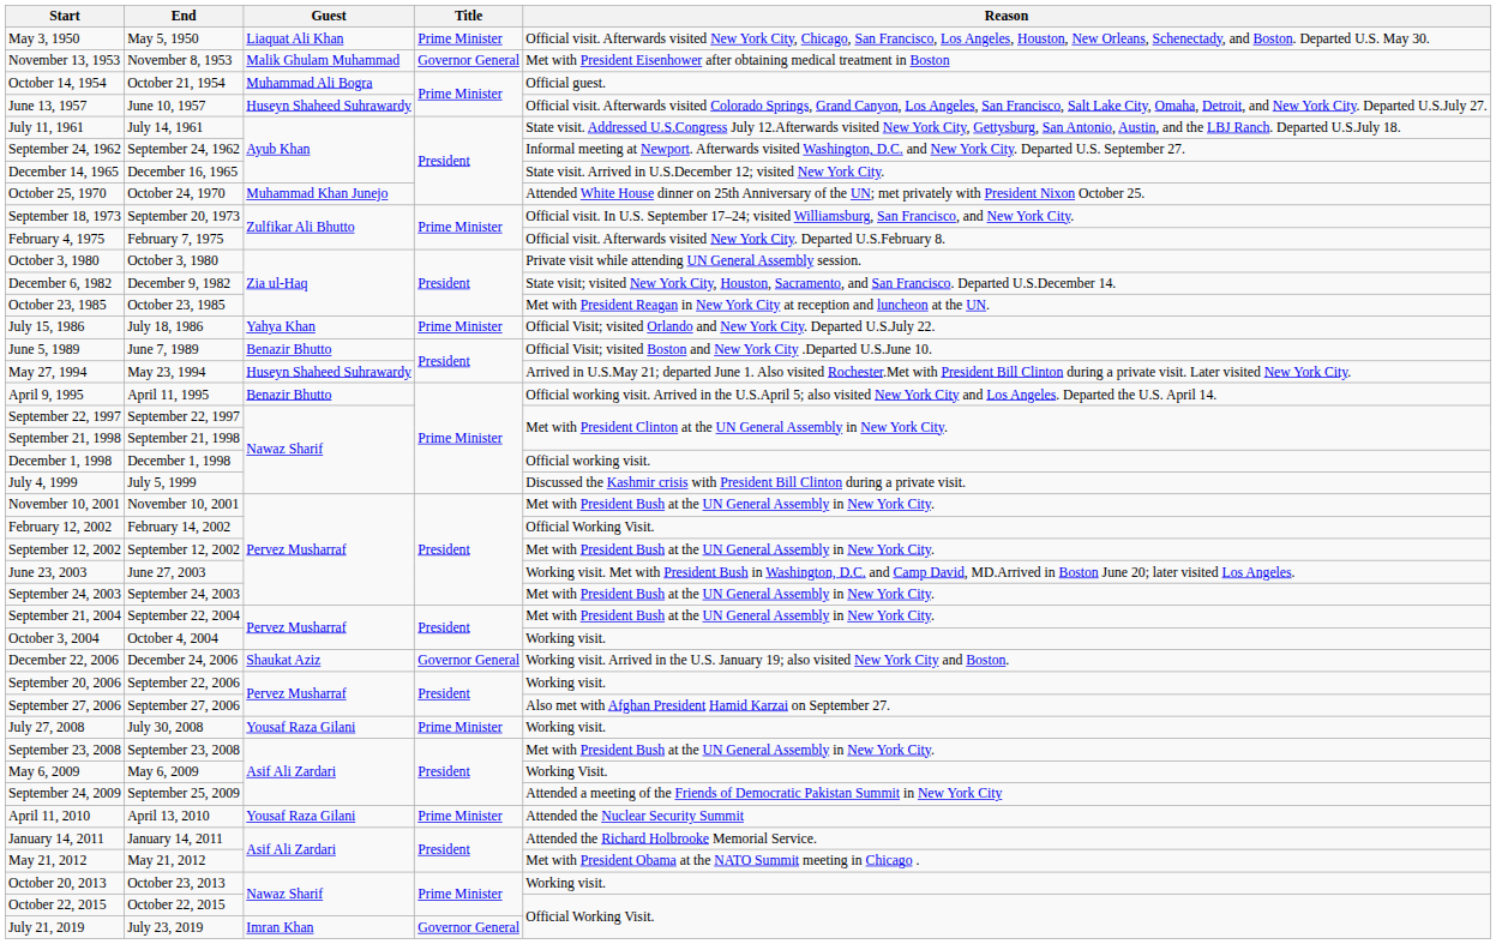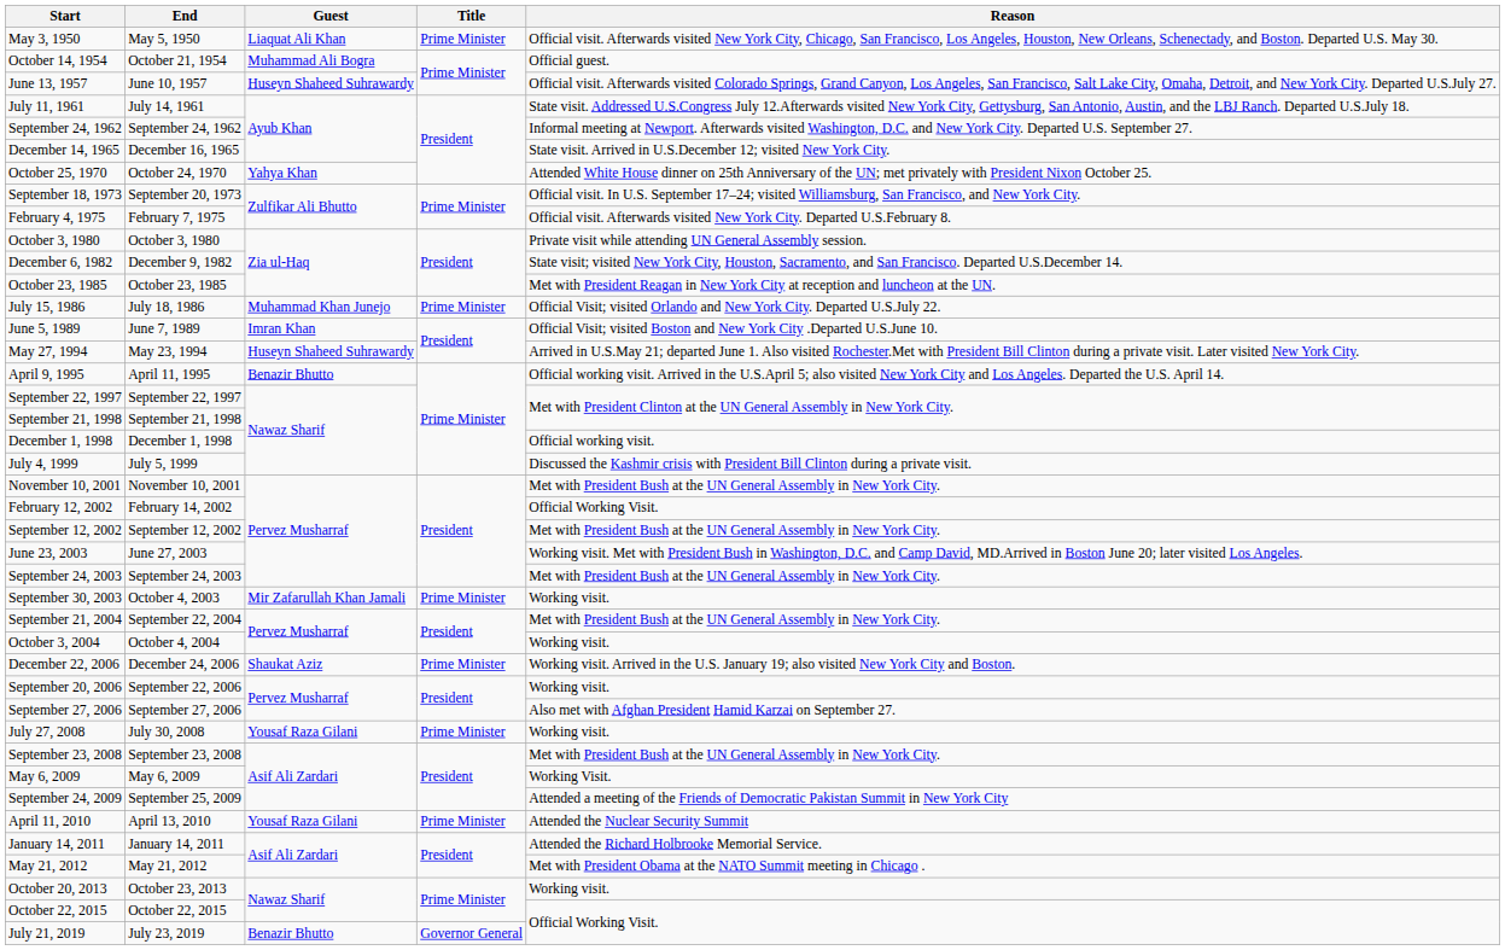 <table class="wikitable sortable">
 <tr>
 <th>Start</th>
 <th>End</th>
 <th>Guest</th>
 <th>Title</th>
 <th>Reason</th>
 </tr>
 <tr>
 <td>May 3, 1950</td>
 <td>May 5, 1950</td>
 <td><a href='#'>Liaquat Ali Khan</a></td>
 <td><a href='#'>Prime Minister</a></td>
 <td> Official visit. Afterwards visited <a href='#'>New York City</a>, <a href='#'>Chicago</a>, <a href='#'>San Francisco</a>, <a href='#'>Los Angeles</a>, <a href='#'>Houston</a>, <a href='#'>New Orleans</a>, <a href='#'>Schenectady</a>, and <a href='#'>Boston</a>. Departed U.S. May 30.</td>
-</tr>
-<tr>
-<td>November 13, 1953</td>
-<td>November 8, 1953</td>
-<td><a href='#'>Malik Ghulam Muhammad</a></td>
-<td><a href='#'>Governor General</a></td>
-<td>Met with <a href='#'>President Eisenhower</a> after obtaining medical treatment in <a href='#'>Boston</a></td>
 </tr>
 <tr>
 <td>October 14, 1954</td>
 <td>October 21, 1954</td>
 <td><a href='#'>Muhammad Ali Bogra</a></td>
 <td rowspan=2><a href='#'>Prime Minister</a></td>
 <td>Official guest.</td>
 </tr>
 <tr>
 <td>June 13, 1957</td>
 <td>June 10, 1957</td>
 <td><a href='#'>Huseyn Shaheed Suhrawardy</a></td>
 <td>Official visit. Afterwards visited <a href='#'>Colorado Springs</a>, <a href='#'>Grand Canyon</a>, <a href='#'>Los Angeles</a>, <a href='#'>San Francisco</a>, <a href='#'>Salt Lake City</a>, <a href='#'>Omaha</a>, <a href='#'>Detroit</a>, and <a href='#'>New York City</a>. Departed U.S.July 27.</td>
 </tr>
 <tr>
 <td>July 11, 1961</td>
 <td>July 14, 1961</td>
 <td rowspan=3><a href='#'>Ayub Khan</a></td>
 <td rowspan=4><a href='#'>President</a></td>
 <td>State visit. <a href='#'>Addressed U.S.Congress</a> July 12.Afterwards visited <a href='#'>New York City</a>, <a href='#'>Gettysburg</a>, <a href='#'>San Antonio</a>, <a href='#'>Austin</a>, and the <a href='#'>LBJ Ranch</a>. Departed U.S.July 18.</td>
 </tr>
 <tr>
 <td>September 24, 1962</td>
 <td>September 24, 1962</td>
 <td>Informal meeting at <a href='#'>Newport</a>. Afterwards visited <a href='#'>Washington, D.C.</a> and <a href='#'>New York City</a>. Departed U.S. September 27.</td>
 </tr>
 <tr>
 <td>December 14, 1965</td>
 <td>December 16, 1965</td>
 <td>State visit. Arrived in U.S.December 12; visited <a href='#'>New York City</a>.</td>
 </tr>
 <tr>
 <td>October 25, 1970</td>
 <td>October 24, 1970</td>
-<td><a href='#'>Muhammad Khan Junejo</a></td>
+<td><a href='#'>Yahya Khan</a></td>
 <td>Attended <a href='#'>White House</a> dinner on 25th Anniversary of the <a href='#'>UN</a>; met privately with <a href='#'>President Nixon</a> October 25.</td>
 </tr>
 <tr>
 <td>September 18, 1973</td>
 <td>September 20, 1973</td>
 <td rowspan=2><a href='#'>Zulfikar Ali Bhutto</a></td>
 <td rowspan=2><a href='#'>Prime Minister</a></td>
 <td>Official visit. In U.S. September 17–24; visited <a href='#'>Williamsburg</a>, <a href='#'>San Francisco</a>, and <a href='#'>New York City</a>.</td>
 </tr>
 <tr>
 <td>February 4, 1975</td>
 <td>February 7, 1975</td>
 <td>Official visit. Afterwards visited <a href='#'>New York City</a>. Departed U.S.February 8.</td>
 </tr>
 <tr>
 <td>October 3, 1980</td>
 <td>October 3, 1980</td>
 <td rowspan=3><a href='#'>Zia ul-Haq</a></td>
 <td rowspan=3><a href='#'>President</a></td>
 <td>Private visit while attending <a href='#'>UN General Assembly</a> session.</td>
 </tr>
 <tr>
 <td>December 6, 1982</td>
 <td>December 9, 1982</td>
 <td>State visit; visited <a href='#'>New York City</a>, <a href='#'>Houston</a>, <a href='#'>Sacramento</a>, and <a href='#'>San Francisco</a>. Departed U.S.December 14.</td>
 </tr>
 <tr>
 <td>October 23, 1985</td>
 <td>October 23, 1985</td>
 <td>Met with <a href='#'>President Reagan</a> in <a href='#'>New York City</a> at reception and <a href='#'>luncheon</a> at the <a href='#'>UN</a>.</td>
 </tr>
 <tr>
 <td>July 15, 1986</td>
 <td>July 18, 1986</td>
-<td><a href='#'>Yahya Khan</a></td>
+<td><a href='#'>Muhammad Khan Junejo</a></td>
 <td><a href='#'>Prime Minister</a></td>
 <td>Official Visit; visited <a href='#'>Orlando</a> and <a href='#'>New York City</a>. Departed U.S.July 22.</td>
 </tr>
 <tr>
 <td>June 5, 1989</td>
 <td>June 7, 1989</td>
-<td><a href='#'>Benazir Bhutto</a></td>
+<td><a href='#'>Imran Khan</a></td>
 <td rowspan=2><a href='#'>President</a></td>
 <td>Official Visit; visited <a href='#'>Boston</a> and <a href='#'>New York City</a> .Departed U.S.June 10.</td>
 </tr>
 <tr>
 <td>May 27, 1994</td>
 <td>May 23, 1994</td>
 <td><a href='#'>Huseyn Shaheed Suhrawardy</a></td>
 <td>Arrived in U.S.May 21; departed June 1. Also visited <a href='#'>Rochester</a>.Met with <a href='#'>President Bill Clinton</a> during a private visit. Later visited <a href='#'>New York City</a>.</td>
 </tr>
 <tr>
 <td>April 9, 1995</td>
 <td>April 11, 1995</td>
 <td><a href='#'>Benazir Bhutto</a></td>
 <td rowspan=5><a href='#'>Prime Minister</a></td>
 <td>Official working visit. Arrived in the U.S.April 5; also visited <a href='#'>New York City</a> and <a href='#'>Los Angeles</a>. Departed the U.S. April 14.</td>
 </tr>
 <tr>
 <td>September 22, 1997</td>
 <td>September 22, 1997</td>
 <td rowspan=4><a href='#'>Nawaz Sharif</a></td>
 <td rowspan=2>Met with <a href='#'>President Clinton</a> at the <a href='#'>UN General Assembly</a> in <a href='#'>New York City</a>.</td>
 </tr>
 <tr>
 <td>September 21, 1998</td>
 <td>September 21, 1998</td>
 </tr>
 <tr>
 <td>December 1, 1998</td>
 <td>December 1, 1998</td>
 <td>Official working visit.</td>
 </tr>
 <tr>
 <td>July 4, 1999</td>
 <td>July 5, 1999</td>
 <td>Discussed the <a href='#'>Kashmir crisis</a> with <a href='#'>President Bill Clinton</a> during a private visit.</td>
 </tr>
 <tr>
 <td>November 10, 2001</td>
 <td>November 10, 2001</td>
 <td rowspan=5><a href='#'>Pervez Musharraf</a></td>
 <td rowspan=5><a href='#'>President</a></td>
 <td>Met with <a href='#'>President Bush</a> at the <a href='#'>UN General Assembly</a> in <a href='#'>New York City</a>.</td>
 </tr>
 <tr>
 <td>February 12, 2002</td>
 <td>February 14, 2002</td>
 <td>Official Working Visit.</td>
 </tr>
 <tr>
 <td>September 12, 2002</td>
 <td>September 12, 2002</td>
 <td>Met with <a href='#'>President Bush</a> at the <a href='#'>UN General Assembly</a> in <a href='#'>New York City</a>.</td>
 </tr>
 <tr>
 <td>June 23, 2003</td>
 <td>June 27, 2003</td>
 <td>Working visit. Met with <a href='#'>President Bush</a> in <a href='#'>Washington, D.C.</a> and <a href='#'>Camp David</a>, MD.Arrived in <a href='#'>Boston</a> June 20; later visited <a href='#'>Los Angeles</a>.</td>
 </tr>
 <tr>
 <td>September 24, 2003</td>
 <td>September 24, 2003</td>
 <td>Met with <a href='#'>President Bush</a> at the <a href='#'>UN General Assembly</a> in <a href='#'>New York City</a>.</td>
 </tr>
 <tr>
+<td>September 30, 2003</td>
+<td>October 4, 2003</td>
+<td><a href='#'>Mir Zafarullah Khan Jamali</a></td>
+<td><a href='#'>Prime Minister</a></td>
+<td>Working visit.</td>
+</tr>
+<tr>
 <td>September 21, 2004</td>
 <td>September 22, 2004</td>
 <td rowspan=2><a href='#'>Pervez Musharraf</a></td>
 <td rowspan=2><a href='#'>President</a></td>
 <td>Met with <a href='#'>President Bush</a> at the <a href='#'>UN General Assembly</a> in <a href='#'>New York City</a>.</td>
 </tr>
 <tr>
 <td>October 3, 2004</td>
 <td>October 4, 2004</td>
 <td>Working visit.</td>
 </tr>
 <tr>
 <td>December 22, 2006</td>
 <td>December 24, 2006</td>
 <td><a href='#'>Shaukat Aziz</a></td>
-<td><a href='#'>Governor General</a></td>
+<td><a href='#'>Prime Minister</a></td>
 <td>Working visit. Arrived in the U.S. January 19; also visited <a href='#'>New York City</a> and <a href='#'>Boston</a>.</td>
 </tr>
 <tr>
 <td>September 20, 2006</td>
 <td>September 22, 2006</td>
 <td rowspan=2><a href='#'>Pervez Musharraf</a></td>
 <td rowspan=2><a href='#'>President</a></td>
 <td>Working visit.</td>
 </tr>
 <tr>
 <td>September 27, 2006</td>
 <td>September 27, 2006</td>
 <td>Also met with <a href='#'>Afghan President</a> <a href='#'>Hamid Karzai</a> on September 27.</td>
 </tr>
 <tr>
 <td>July 27, 2008</td>
 <td>July 30, 2008</td>
 <td><a href='#'>Yousaf Raza Gilani</a></td>
 <td><a href='#'>Prime Minister</a></td>
 <td>Working visit.</td>
 </tr>
 <tr>
 <td>September 23, 2008</td>
 <td>September 23, 2008</td>
 <td rowspan=3><a href='#'>Asif Ali Zardari</a></td>
 <td rowspan=3><a href='#'>President</a></td>
 <td>Met with <a href='#'>President Bush</a> at the <a href='#'>UN General Assembly</a> in <a href='#'>New York City</a>.</td>
 </tr>
 <tr>
 <td>May 6, 2009</td>
 <td>May 6, 2009</td>
 <td>Working Visit.</td>
 </tr>
 <tr>
 <td>September 24, 2009</td>
 <td>September 25, 2009</td>
 <td>Attended a meeting of the <a href='#'>Friends of Democratic Pakistan Summit</a> in <a href='#'>New York City</a></td>
 </tr>
 <tr>
 <td>April 11, 2010</td>
 <td>April 13, 2010</td>
 <td><a href='#'>Yousaf Raza Gilani</a></td>
 <td><a href='#'>Prime Minister</a></td>
 <td>Attended the <a href='#'>Nuclear Security Summit</a></td>
 </tr>
 <tr>
 <td>January 14, 2011</td>
 <td>January 14, 2011</td>
 <td rowspan=2><a href='#'>Asif Ali Zardari</a></td>
 <td rowspan=2><a href='#'>President</a></td>
 <td>Attended the <a href='#'>Richard Holbrooke</a> Memorial Service.</td>
 </tr>
 <tr>
 <td>May 21, 2012</td>
 <td>May 21, 2012</td>
 <td>Met with <a href='#'>President Obama</a> at the <a href='#'>NATO Summit</a> meeting in <a href='#'>Chicago</a> .</td>
 </tr>
 <tr>
 <td>October 20, 2013</td>
 <td>October 23, 2013</td>
 <td rowspan=2><a href='#'>Nawaz Sharif</a></td>
 <td rowspan=2><a href='#'>Prime Minister</a></td>
 <td>Working visit.</td>
 </tr>
 <tr>
 <td>October 22, 2015</td>
 <td>October 22, 2015</td>
 <td rowspan=2>Official Working Visit.</td>
 </tr>
 <tr>
 <td>July 21, 2019</td>
 <td>July 23, 2019</td>
-<td><a href='#'>Imran Khan</a></td>
+<td><a href='#'>Benazir Bhutto</a></td>
 <td><a href='#'>Governor General</a></td>
 </tr>
 </table>
